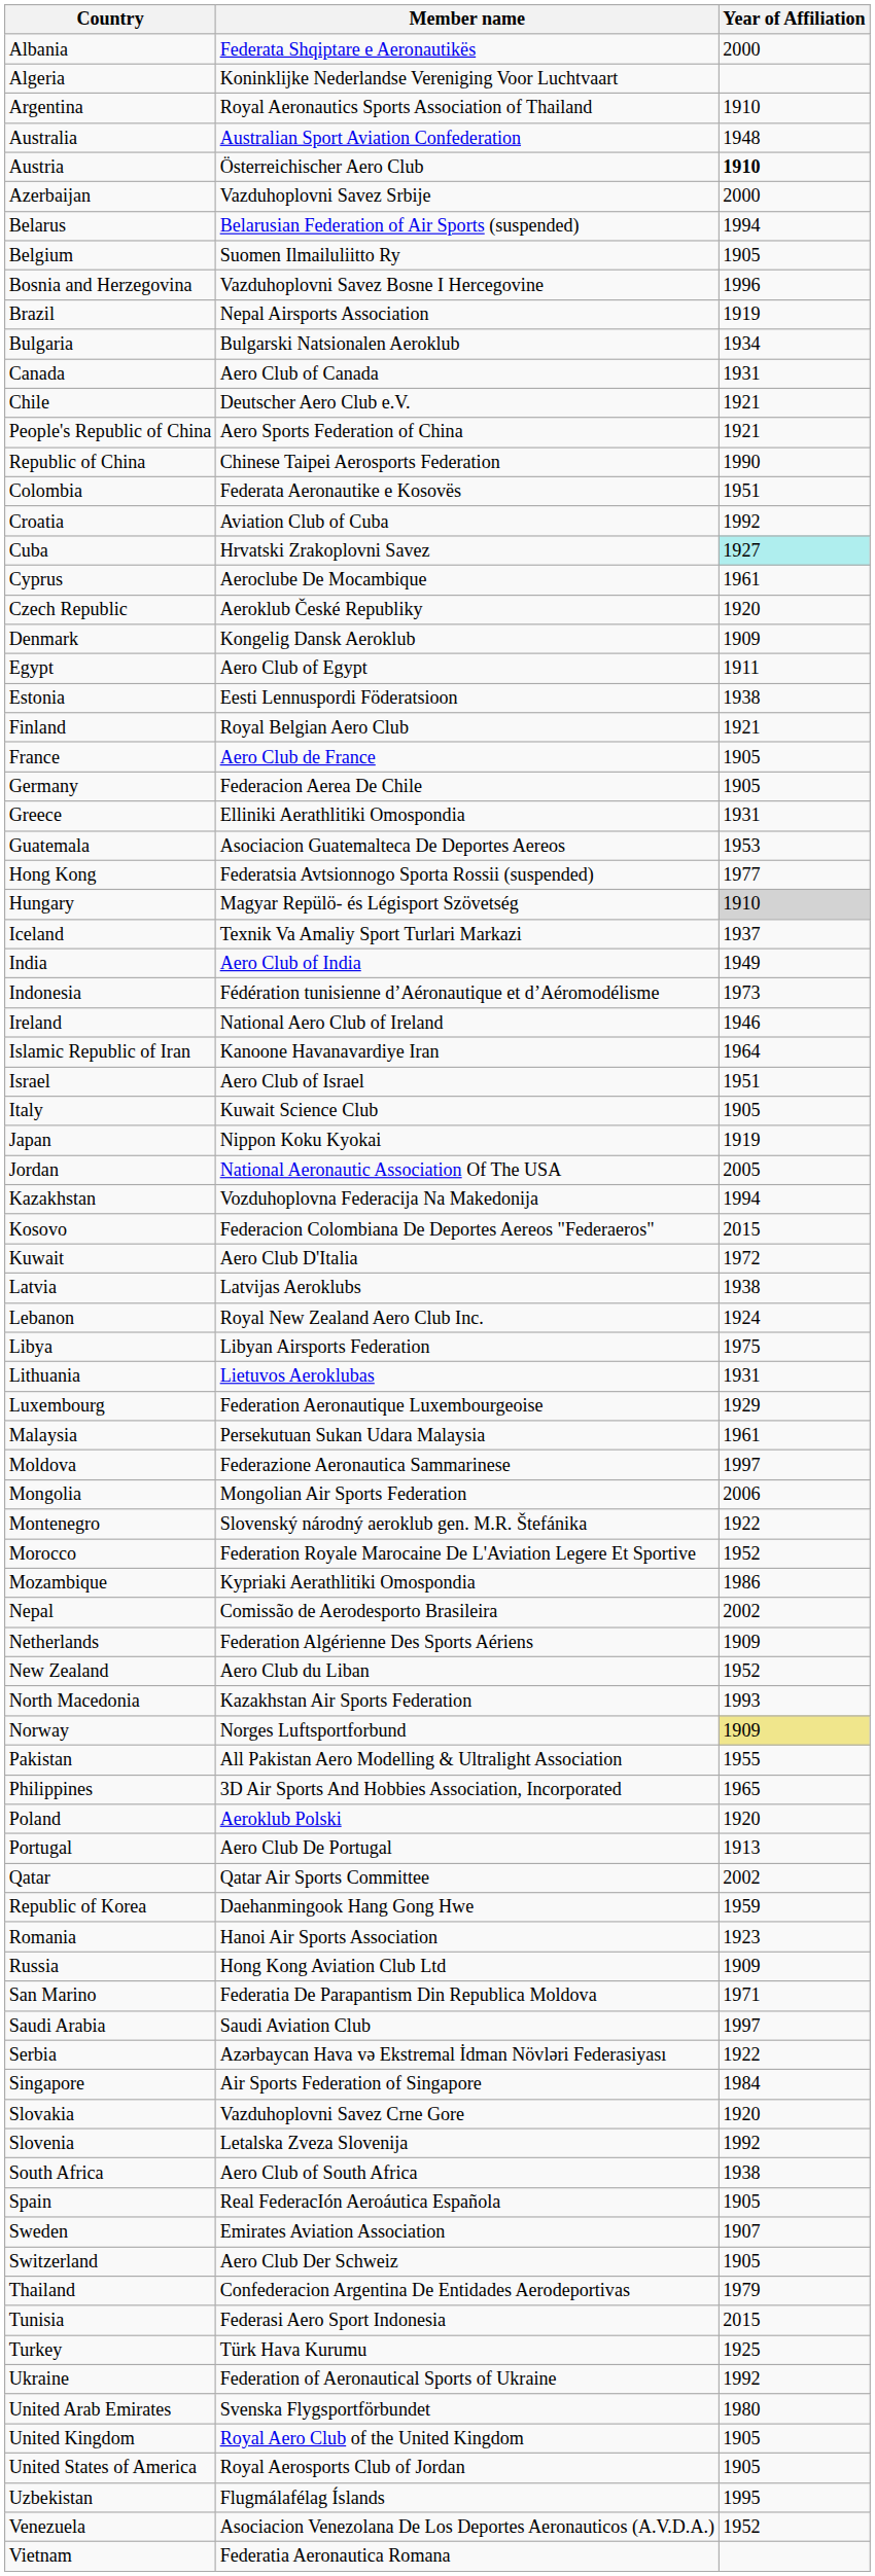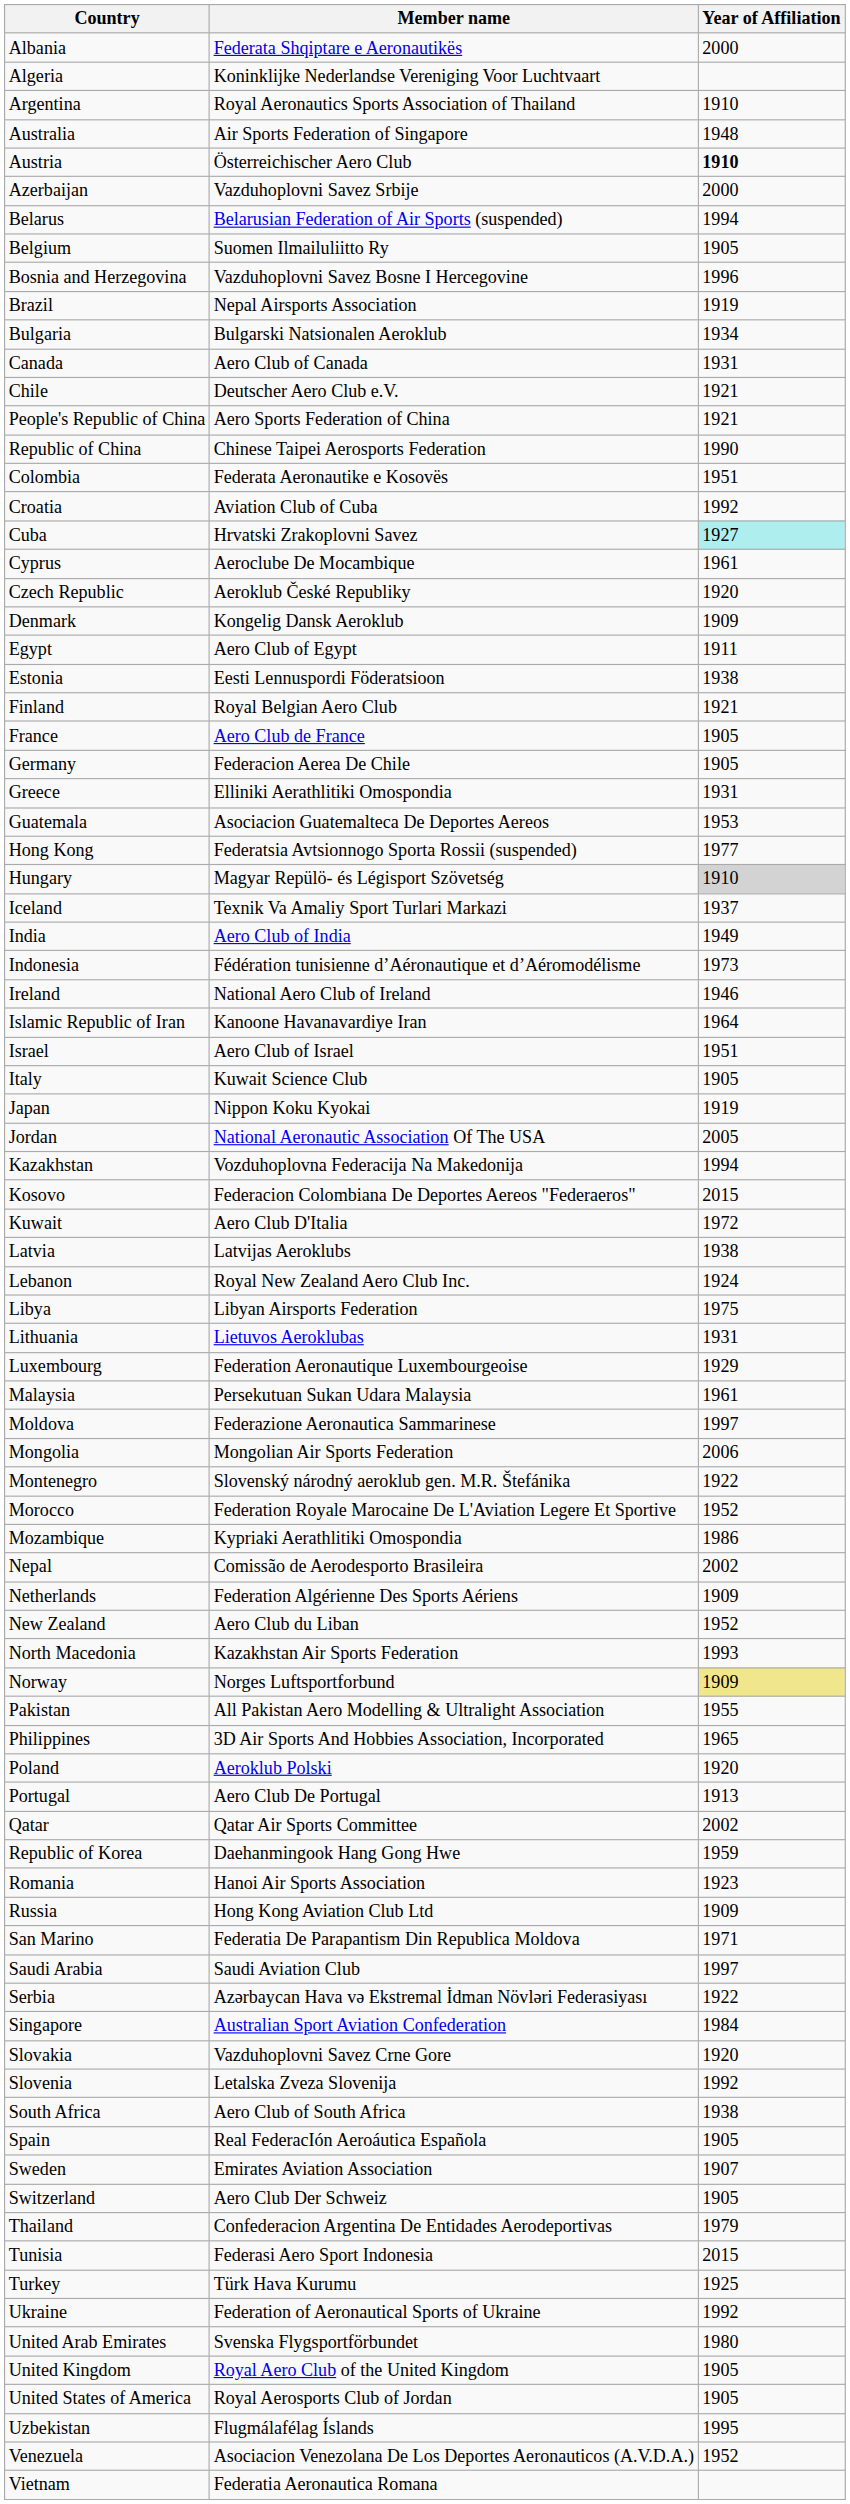 <table class="wikitable">
 <tr>
 <th>Country</th>
 <th>Member name</th>
 <th>Year of Affiliation</th>
 </tr>
 <tr>
 <td>Albania</td>
 <td><a href='#'>Federata Shqiptare e Aeronautikës</a></td>
 <td>2000</td>
 </tr>
 <tr>
 <td>Algeria</td>
 <td>Koninklijke Nederlandse Vereniging Voor Luchtvaart</td>
 <td></td>
 </tr>
 <tr>
 <td>Argentina</td>
 <td>Royal Aeronautics Sports Association of Thailand</td>
 <td>1910</td>
 </tr>
 <tr>
 <td>Australia</td>
-<td><a href='#'>Australian Sport Aviation Confederation</a></td>
+<td>Air Sports Federation of Singapore</td>
 <td>1948</td>
 </tr>
 <tr>
 <td>Austria</td>
 <td>Österreichischer Aero Club</td>
 <td><strong>1910</strong></td>
 </tr>
 <tr>
 <td>Azerbaijan</td>
 <td>Vazduhoplovni Savez Srbije</td>
 <td>2000</td>
 </tr>
 <tr>
 <td>Belarus</td>
 <td><a href='#'>Belarusian Federation of Air Sports</a> (suspended)</td>
 <td>1994</td>
 </tr>
 <tr>
 <td>Belgium</td>
 <td>Suomen Ilmailuliitto Ry</td>
 <td>1905</td>
 </tr>
 <tr>
 <td>Bosnia and Herzegovina</td>
 <td>Vazduhoplovni Savez Bosne I Hercegovine</td>
 <td>1996</td>
 </tr>
 <tr>
 <td>Brazil</td>
 <td>Nepal Airsports Association</td>
 <td>1919</td>
 </tr>
 <tr>
 <td>Bulgaria</td>
 <td>Bulgarski Natsionalen Aeroklub</td>
 <td>1934</td>
 </tr>
 <tr>
 <td>Canada</td>
 <td>Aero Club of Canada</td>
 <td>1931</td>
 </tr>
 <tr>
 <td>Chile</td>
 <td>Deutscher Aero Club e.V.</td>
 <td>1921</td>
 </tr>
 <tr>
 <td>People's Republic of China</td>
 <td>Aero Sports Federation of China</td>
 <td>1921</td>
 </tr>
 <tr>
 <td>Republic of China</td>
 <td>Chinese Taipei Aerosports Federation</td>
 <td>1990</td>
 </tr>
 <tr>
 <td>Colombia</td>
 <td>Federata Aeronautike e Kosovës</td>
 <td>1951</td>
 </tr>
 <tr>
 <td>Croatia</td>
 <td>Aviation Club of Cuba</td>
 <td>1992</td>
 </tr>
 <tr>
 <td>Cuba</td>
 <td>Hrvatski Zrakoplovni Savez</td>
 <td style="background: paleturquoise;">1927</td>
 </tr>
 <tr>
 <td>Cyprus</td>
 <td>Aeroclube De Mocambique</td>
 <td>1961</td>
 </tr>
 <tr>
 <td>Czech Republic</td>
 <td>Aeroklub České Republiky</td>
 <td>1920</td>
 </tr>
 <tr>
 <td>Denmark</td>
 <td>Kongelig Dansk Aeroklub</td>
 <td>1909</td>
 </tr>
 <tr>
 <td>Egypt</td>
 <td>Aero Club of Egypt</td>
 <td>1911</td>
 </tr>
 <tr>
 <td>Estonia</td>
 <td>Eesti Lennuspordi Föderatsioon</td>
 <td>1938</td>
 </tr>
 <tr>
 <td>Finland</td>
 <td>Royal Belgian Aero Club</td>
 <td>1921</td>
 </tr>
 <tr>
 <td>France</td>
 <td><a href='#'>Aero Club de France</a></td>
 <td>1905</td>
 </tr>
 <tr>
 <td>Germany</td>
 <td>Federacion Aerea De Chile</td>
 <td>1905</td>
 </tr>
 <tr>
 <td>Greece</td>
 <td>Elliniki Aerathlitiki Omospondia</td>
 <td>1931</td>
 </tr>
 <tr>
 <td>Guatemala</td>
 <td>Asociacion Guatemalteca De Deportes Aereos</td>
 <td>1953</td>
 </tr>
 <tr>
 <td>Hong Kong</td>
 <td>Federatsia Avtsionnogo Sporta Rossii (suspended)</td>
 <td>1977</td>
 </tr>
 <tr>
 <td>Hungary</td>
 <td>Magyar Repülö- és Légisport Szövetség</td>
 <td style="background: lightgrey;">1910</td>
 </tr>
 <tr>
 <td>Iceland</td>
 <td>Texnik Va Amaliy Sport Turlari Markazi</td>
 <td>1937</td>
 </tr>
 <tr>
 <td>India</td>
 <td><a href='#'>Aero Club of India</a></td>
 <td>1949</td>
 </tr>
 <tr>
 <td>Indonesia</td>
 <td>Fédération tunisienne d’Aéronautique et d’Aéromodélisme</td>
 <td>1973</td>
 </tr>
 <tr>
 <td>Ireland</td>
 <td>National Aero Club of Ireland</td>
 <td>1946</td>
 </tr>
 <tr>
 <td>Islamic Republic of Iran</td>
 <td>Kanoone Havanavardiye Iran</td>
 <td>1964</td>
 </tr>
 <tr>
 <td>Israel</td>
 <td>Aero Club of Israel</td>
 <td>1951</td>
 </tr>
 <tr>
 <td>Italy</td>
 <td>Kuwait Science Club</td>
 <td>1905</td>
 </tr>
 <tr>
 <td>Japan</td>
 <td>Nippon Koku Kyokai</td>
 <td>1919</td>
 </tr>
 <tr>
 <td>Jordan</td>
 <td><a href='#'>National Aeronautic Association</a> Of The USA</td>
 <td>2005</td>
 </tr>
 <tr>
 <td>Kazakhstan</td>
 <td>Vozduhoplovna Federacija Na Makedonija</td>
 <td>1994</td>
 </tr>
 <tr>
 <td>Kosovo</td>
 <td>Federacion Colombiana De Deportes Aereos "Federaeros"</td>
 <td>2015</td>
 </tr>
 <tr>
 <td>Kuwait</td>
 <td>Aero Club D'Italia</td>
 <td>1972</td>
 </tr>
 <tr>
 <td>Latvia</td>
 <td>Latvijas Aeroklubs</td>
 <td>1938</td>
 </tr>
 <tr>
 <td>Lebanon</td>
 <td>Royal New Zealand Aero Club Inc.</td>
 <td>1924</td>
 </tr>
 <tr>
 <td>Libya</td>
 <td>Libyan Airsports Federation</td>
 <td>1975</td>
 </tr>
 <tr>
 <td>Lithuania</td>
 <td><a href='#'>Lietuvos Aeroklubas</a></td>
 <td>1931</td>
 </tr>
 <tr>
 <td>Luxembourg</td>
 <td>Federation Aeronautique Luxembourgeoise</td>
 <td>1929</td>
 </tr>
 <tr>
 <td>Malaysia</td>
 <td>Persekutuan Sukan Udara Malaysia</td>
 <td>1961</td>
 </tr>
 <tr>
 <td>Moldova</td>
 <td>Federazione Aeronautica Sammarinese</td>
 <td>1997</td>
 </tr>
 <tr>
 <td>Mongolia</td>
 <td>Mongolian Air Sports Federation</td>
 <td>2006</td>
 </tr>
 <tr>
 <td>Montenegro</td>
 <td>Slovenský národný aeroklub gen. M.R. Štefánika</td>
 <td>1922</td>
 </tr>
 <tr>
 <td>Morocco</td>
 <td>Federation Royale Marocaine De L'Aviation Legere Et Sportive</td>
 <td>1952</td>
 </tr>
 <tr>
 <td>Mozambique</td>
 <td>Kypriaki Aerathlitiki Omospondia</td>
 <td>1986</td>
 </tr>
 <tr>
 <td>Nepal</td>
 <td>Comissão de Aerodesporto Brasileira</td>
 <td>2002</td>
 </tr>
 <tr>
 <td>Netherlands</td>
 <td>Federation Algérienne Des Sports Aériens</td>
 <td>1909</td>
 </tr>
 <tr>
 <td>New Zealand</td>
 <td>Aero Club du Liban</td>
 <td>1952</td>
 </tr>
 <tr>
 <td>North Macedonia</td>
 <td>Kazakhstan Air Sports Federation</td>
 <td>1993</td>
 </tr>
 <tr>
 <td>Norway</td>
 <td>Norges Luftsportforbund</td>
 <td style="background: khaki;">1909</td>
 </tr>
 <tr>
 <td>Pakistan</td>
 <td>All Pakistan Aero Modelling & Ultralight Association</td>
 <td>1955</td>
 </tr>
 <tr>
 <td>Philippines</td>
 <td>3D Air Sports And Hobbies Association, Incorporated</td>
 <td>1965</td>
 </tr>
 <tr>
 <td>Poland</td>
 <td><a href='#'>Aeroklub Polski</a></td>
 <td>1920</td>
 </tr>
 <tr>
 <td>Portugal</td>
 <td>Aero Club De Portugal</td>
 <td>1913</td>
 </tr>
 <tr>
 <td>Qatar</td>
 <td>Qatar Air Sports Committee</td>
 <td>2002</td>
 </tr>
 <tr>
 <td>Republic of Korea</td>
 <td>Daehanmingook Hang Gong Hwe</td>
 <td>1959</td>
 </tr>
 <tr>
 <td>Romania</td>
 <td>Hanoi Air Sports Association</td>
 <td>1923</td>
 </tr>
 <tr>
 <td>Russia</td>
 <td>Hong Kong Aviation Club Ltd</td>
 <td>1909</td>
 </tr>
 <tr>
 <td>San Marino</td>
 <td>Federatia De Parapantism Din Republica Moldova</td>
 <td>1971</td>
 </tr>
 <tr>
 <td>Saudi Arabia</td>
 <td>Saudi Aviation Club</td>
 <td>1997</td>
 </tr>
 <tr>
 <td>Serbia</td>
 <td>Azərbaycan Hava və Ekstremal İdman Növləri Federasiyası</td>
 <td>1922</td>
 </tr>
 <tr>
 <td>Singapore</td>
-<td>Air Sports Federation of Singapore</td>
+<td><a href='#'>Australian Sport Aviation Confederation</a></td>
 <td>1984</td>
 </tr>
 <tr>
 <td>Slovakia</td>
 <td>Vazduhoplovni Savez Crne Gore</td>
 <td>1920</td>
 </tr>
 <tr>
 <td>Slovenia</td>
 <td>Letalska Zveza Slovenija</td>
 <td>1992</td>
 </tr>
 <tr>
 <td>South Africa</td>
 <td>Aero Club of South Africa</td>
 <td>1938</td>
 </tr>
 <tr>
 <td>Spain</td>
 <td>Real FederacIón Aeroáutica Española</td>
 <td>1905</td>
 </tr>
 <tr>
 <td>Sweden</td>
 <td>Emirates Aviation Association</td>
 <td>1907</td>
 </tr>
 <tr>
 <td>Switzerland</td>
 <td>Aero Club Der Schweiz</td>
 <td>1905</td>
 </tr>
 <tr>
 <td>Thailand</td>
 <td>Confederacion Argentina De Entidades Aerodeportivas</td>
 <td>1979</td>
 </tr>
 <tr>
 <td>Tunisia</td>
 <td>Federasi Aero Sport Indonesia</td>
 <td>2015</td>
 </tr>
 <tr>
 <td>Turkey</td>
 <td>Türk Hava Kurumu</td>
 <td>1925</td>
 </tr>
 <tr>
 <td>Ukraine</td>
 <td>Federation of Aeronautical Sports of Ukraine</td>
 <td>1992</td>
 </tr>
 <tr>
 <td>United Arab Emirates</td>
 <td>Svenska Flygsportförbundet</td>
 <td>1980</td>
 </tr>
 <tr>
 <td>United Kingdom</td>
 <td><a href='#'>Royal Aero Club</a> of the United Kingdom</td>
 <td>1905</td>
 </tr>
 <tr>
 <td>United States of America</td>
 <td>Royal Aerosports Club of Jordan</td>
 <td>1905</td>
 </tr>
 <tr>
 <td>Uzbekistan</td>
 <td>Flugmálafélag Íslands</td>
 <td>1995</td>
 </tr>
 <tr>
 <td>Venezuela</td>
 <td>Asociacion Venezolana De Los Deportes Aeronauticos (A.V.D.A.)</td>
 <td>1952</td>
 </tr>
 <tr>
 <td>Vietnam</td>
 <td>Federatia Aeronautica Romana</td>
 <td></td>
 </tr>
 <tr>
 </tr>
 </table>
